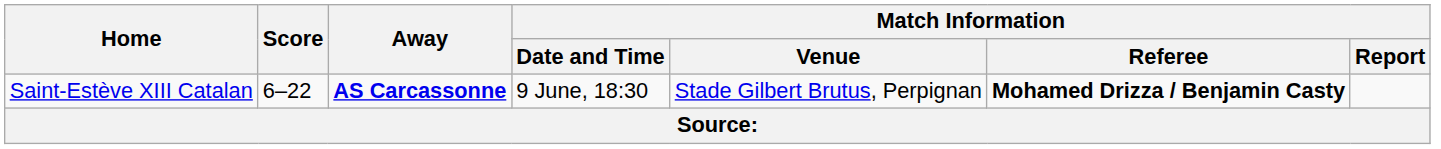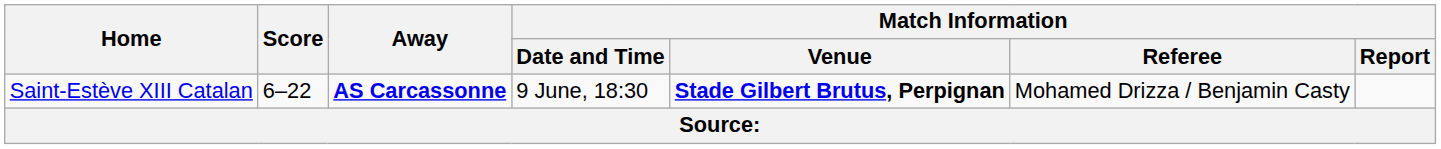 <table class="wikitable defaultcenter col1left col3left">
 <tr>
 <th scope="col" rowspan=2>Home</th>
 <th scope="col" rowspan=2>Score</th>
 <th scope="col" rowspan=2>Away</th>
 <th scope="col" colspan=4>Match Information</th>
 </tr>
 <tr>
 <th scope="col">Date and Time</th>
 <th scope="col">Venue</th>
 <th scope="col">Referee</th>
 <th scope="col">Report</th>
 </tr>
 <tr>
 <td> <a href='#'>Saint-Estève XIII Catalan</a></td>
 <td>6–22</td>
 <td> <strong><a href='#'>AS Carcassonne</a></strong></td>
 <td>9 June, 18:30</td>
-<td><a href='#'>Stade Gilbert Brutus</a>, Perpignan</td>
-<td><strong>Mohamed Drizza / Benjamin Casty</strong></td>
+<td><strong><a href='#'>Stade Gilbert Brutus</a>, Perpignan</strong></td>
+<td>Mohamed Drizza / Benjamin Casty</td>
 <td></td>
 </tr>
 <tr>
 <th colspan=7>Source:</th>
 </tr>
 </table>
